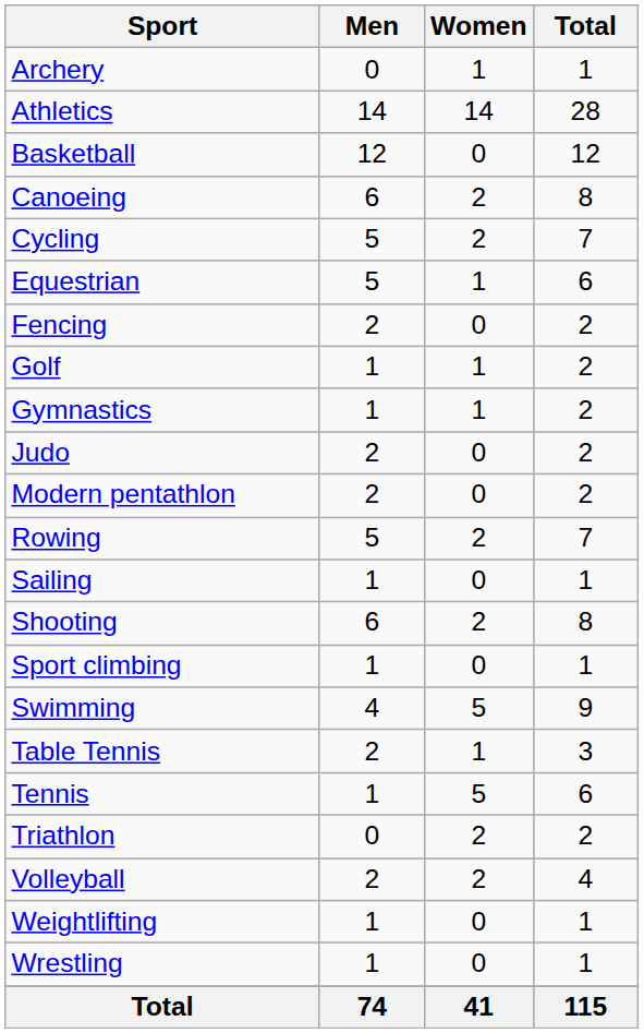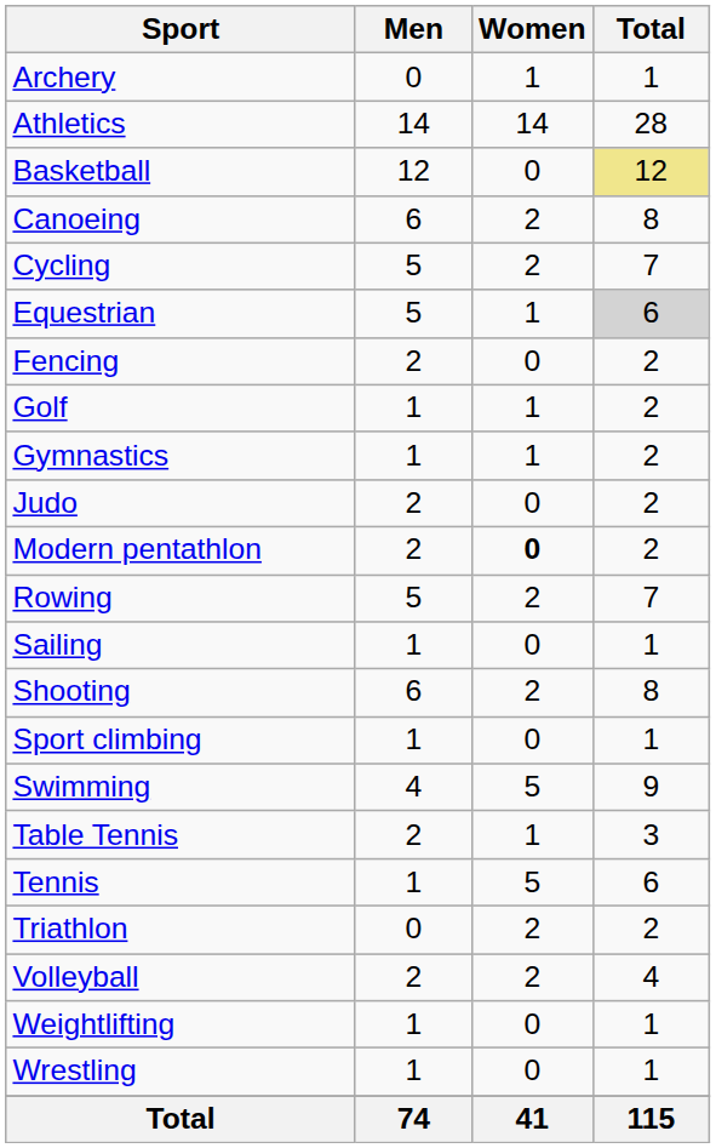 <table class="wikitable sortable" style="text-align:center;">
 <tr>
 <th width=180>Sport</th>
 <th width=55>Men</th>
 <th width=55>Women</th>
 <th width=55>Total</th>
 </tr>
 <tr>
 <td align=left><a href='#'>Archery</a></td>
 <td>0</td>
 <td>1</td>
 <td>1</td>
 </tr>
 <tr>
 <td align=left><a href='#'>Athletics</a></td>
 <td>14</td>
 <td>14</td>
 <td>28</td>
 </tr>
 <tr>
 <td align=left><a href='#'>Basketball</a></td>
 <td>12</td>
 <td>0</td>
-<td>12</td>
+<td style="background: khaki;">12</td>
 </tr>
 <tr>
 <td align=left><a href='#'>Canoeing</a></td>
 <td>6</td>
 <td>2</td>
 <td>8</td>
 </tr>
 <tr>
 <td align=left><a href='#'>Cycling</a></td>
 <td>5</td>
 <td>2</td>
 <td>7</td>
 </tr>
 <tr>
 <td align=left><a href='#'>Equestrian</a></td>
 <td>5</td>
 <td>1</td>
-<td>6</td>
+<td style="background: lightgrey;">6</td>
 </tr>
 <tr>
 <td align=left><a href='#'>Fencing</a></td>
 <td>2</td>
 <td>0</td>
 <td>2</td>
 </tr>
 <tr>
 <td align=left><a href='#'>Golf</a></td>
 <td>1</td>
 <td>1</td>
 <td>2</td>
 </tr>
 <tr>
 <td align=left><a href='#'>Gymnastics</a></td>
 <td>1</td>
 <td>1</td>
 <td>2</td>
 </tr>
 <tr>
 <td align=left><a href='#'>Judo</a></td>
 <td>2</td>
 <td>0</td>
 <td>2</td>
 </tr>
 <tr>
 <td align=left><a href='#'>Modern pentathlon</a></td>
 <td>2</td>
-<td>0</td>
+<td><strong>0</strong></td>
 <td>2</td>
 </tr>
 <tr>
 <td align=left><a href='#'>Rowing</a></td>
 <td>5</td>
 <td>2</td>
 <td>7</td>
 </tr>
 <tr>
 <td align=left><a href='#'>Sailing</a></td>
 <td>1</td>
 <td>0</td>
 <td>1</td>
 </tr>
 <tr>
 <td align=left><a href='#'>Shooting</a></td>
 <td>6</td>
 <td>2</td>
 <td>8</td>
 </tr>
 <tr>
 <td align=left><a href='#'>Sport climbing</a></td>
 <td>1</td>
 <td>0</td>
 <td>1</td>
 </tr>
 <tr>
 <td align=left><a href='#'>Swimming</a></td>
 <td>4</td>
 <td>5</td>
 <td>9</td>
 </tr>
 <tr>
 <td align=left><a href='#'>Table Tennis</a></td>
 <td>2</td>
 <td>1</td>
 <td>3</td>
 </tr>
 <tr>
 <td align=left><a href='#'>Tennis</a></td>
 <td>1</td>
 <td>5</td>
 <td>6</td>
 </tr>
 <tr>
 <td align=left><a href='#'>Triathlon</a></td>
 <td>0</td>
 <td>2</td>
 <td>2</td>
 </tr>
 <tr>
 <td align=left><a href='#'>Volleyball</a></td>
 <td>2</td>
 <td>2</td>
 <td>4</td>
 </tr>
 <tr>
 <td align=left><a href='#'>Weightlifting</a></td>
 <td>1</td>
 <td>0</td>
 <td>1</td>
 </tr>
 <tr>
 <td align=left><a href='#'>Wrestling</a></td>
 <td>1</td>
 <td>0</td>
 <td>1</td>
 </tr>
 <tr>
 </tr>
 <tr class="sortbottom">
 <th>Total</th>
 <th>74</th>
 <th>41</th>
 <th>115</th>
 </tr>
 </table>
